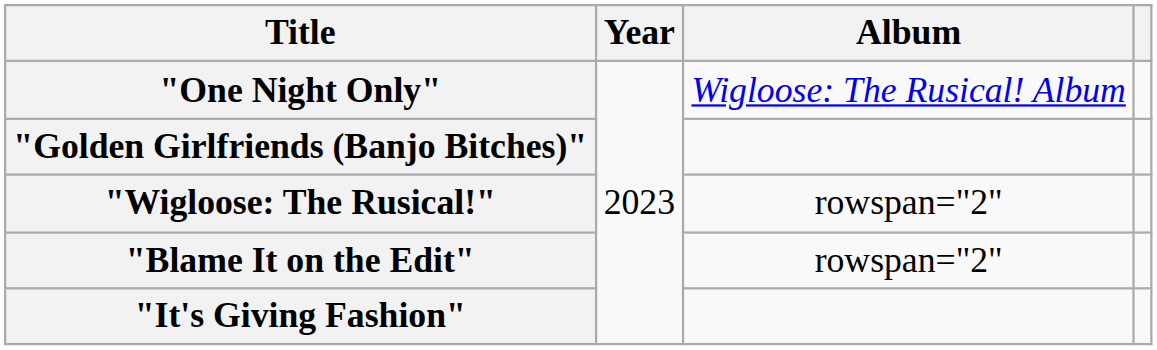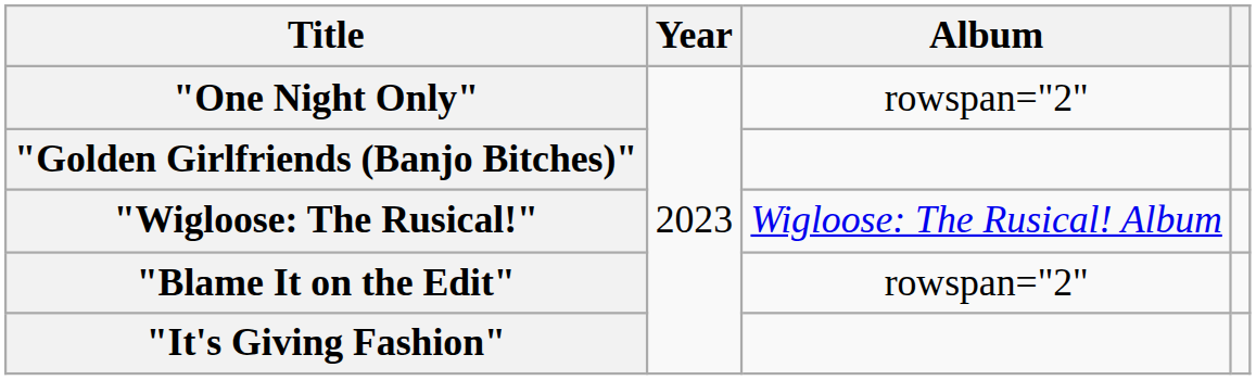 <table class="wikitable plainrowheaders" style="text-align:center;">
 <tr>
 <th class="unsortable" scope="col">Title</th>
 <th class="unsortable" scope="col">Year</th>
 <th class="unsortable" scope="col">Album</th>
 <th class="unsortable" scope="col"></th>
 </tr>
 <tr>
 <th scope="row">"One Night  Only" <br></th>
 <td rowspan="5">2023</td>
-<td><em><a href='#'>Wigloose: The Rusical! Album</a></em></td>
+<td>rowspan="2" </td>
 <td style="text-align: center;"></td>
 </tr>
 <tr>
 <th scope="row">"Golden Girlfriends (Banjo Bitches)" <br></th>
 <td style="text-align: center;"></td>
 </tr>
 <tr>
 <th scope="row">"Wigloose: The Rusical!" <br></th>
-<td>rowspan="2" </td>
+<td><em><a href='#'>Wigloose: The Rusical! Album</a></em></td>
 <td style="text-align: center;"></td>
 </tr>
 <tr>
 <th scope="row">"Blame It on the Edit" <br></th>
 <td>rowspan="2" </td>
 <td style="text-align: center;"></td>
 </tr>
 <tr>
 <th scope="row">"It's Giving Fashion"</th>
 <td style="text-align: center;"></td>
 </tr>
 </table>
